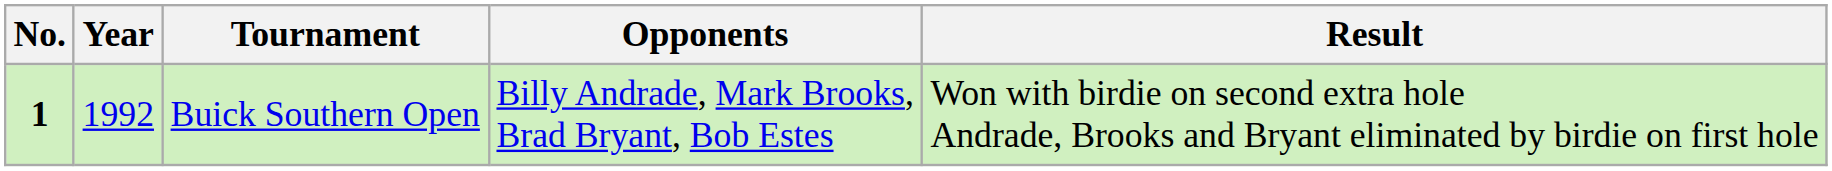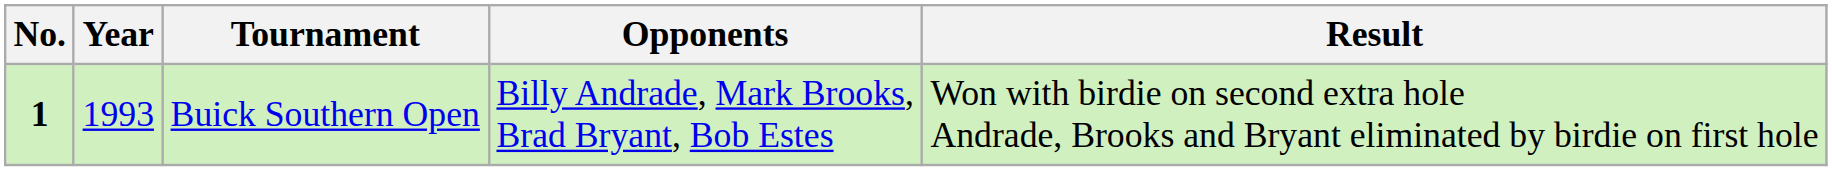 <table class="wikitable" style="font-size:95%;">
 <tr>
 <th>No.</th>
 <th>Year</th>
 <th>Tournament</th>
 <th>Opponents</th>
 <th>Result</th>
 </tr>
 <tr style="background:#D0F0C0">
 <td align=center><strong>1</strong></td>
-<td><a href='#'>1992</a></td>
+<td><a href='#'>1993</a></td>
 <td><a href='#'>Buick Southern Open</a></td>
 <td> <a href='#'>Billy Andrade</a>,  <a href='#'>Mark Brooks</a>,<br> <a href='#'>Brad Bryant</a>,  <a href='#'>Bob Estes</a></td>
 <td>Won with birdie on second extra hole<br>Andrade, Brooks and Bryant eliminated by birdie on first hole</td>
 </tr>
 </table>
